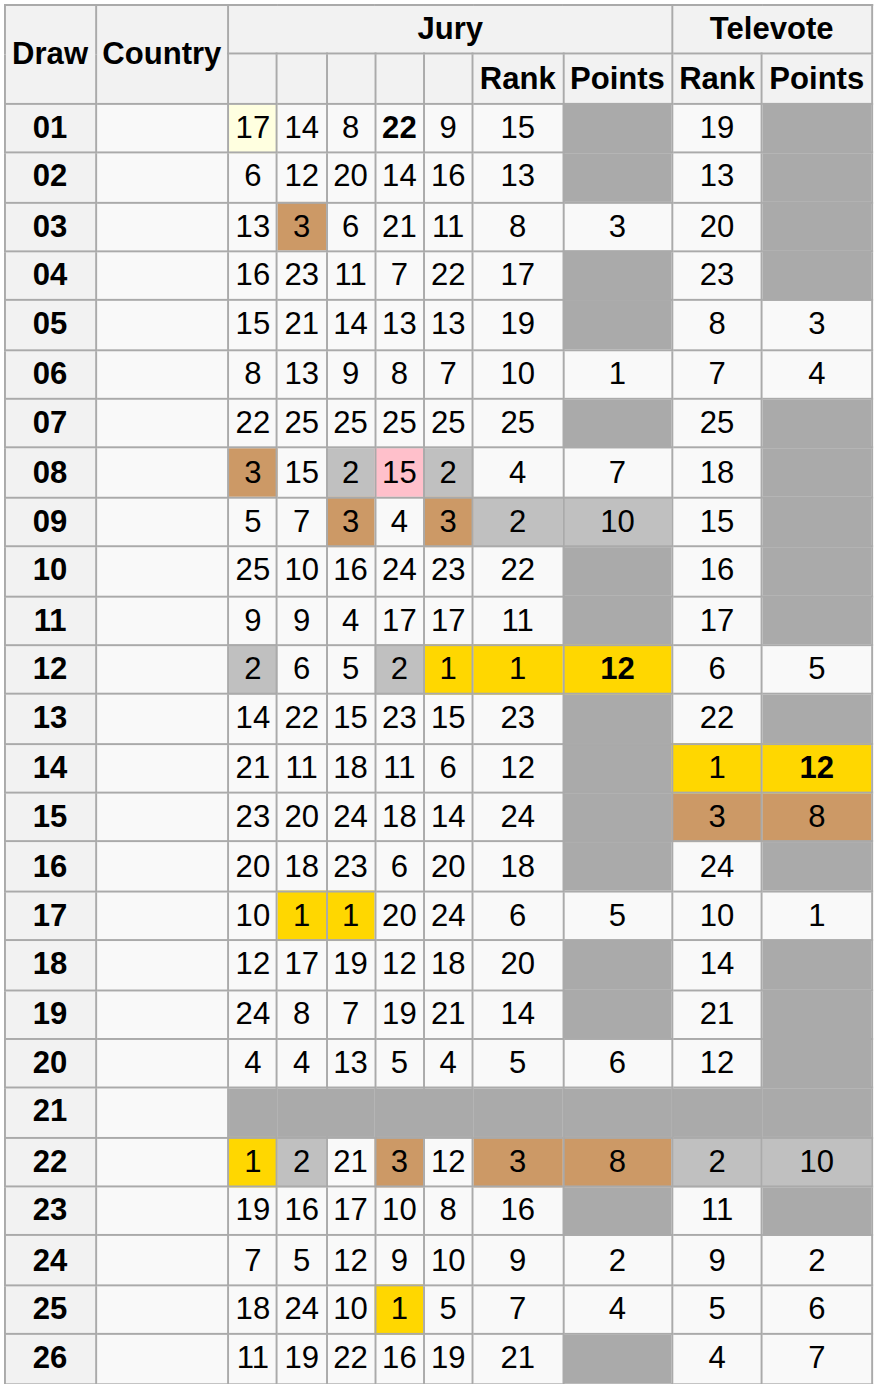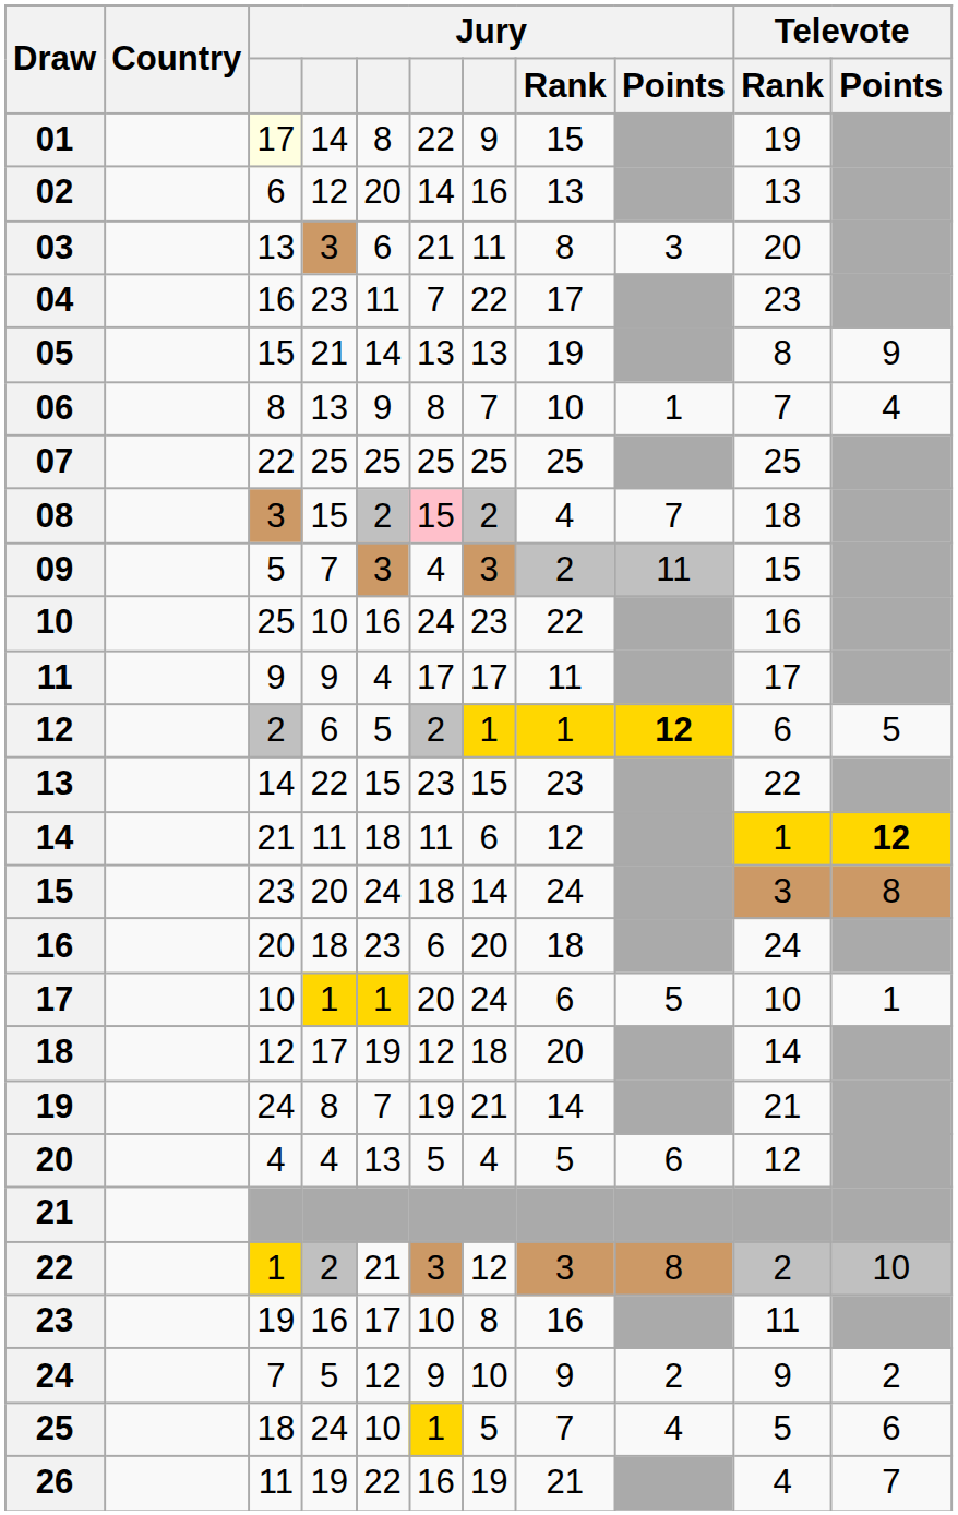 <table class="sortable wikitable collapsible plainrowheaders" style="text-align:center;">
 <tr>
 </tr>
 <tr>
 <th scope="col" rowspan="2">Draw</th>
 <th scope="col" rowspan="2">Country</th>
 <th scope="col" colspan="7">Jury</th>
 <th scope="col" colspan="2">Televote</th>
 </tr>
 <tr>
 <th scope="col"><small></small></th>
 <th scope="col"><small></small></th>
 <th scope="col"><small></small></th>
 <th scope="col"><small></small></th>
 <th scope="col"><small></small></th>
 <th scope="col">Rank</th>
 <th scope="col">Points</th>
 <th scope="col">Rank</th>
 <th scope="col">Points</th>
 </tr>
 <tr>
 <th scope="row" style="text-align:center;">01</th>
 <td style="text-align:left;"></td>
 <td style="background: lightyellow;">17</td>
 <td>14</td>
 <td>8</td>
-<td><strong>22</strong></td>
+<td>22</td>
 <td>9</td>
 <td>15</td>
 <td style="background:#AAAAAA;"></td>
 <td>19</td>
 <td style="background:#AAAAAA;"></td>
 </tr>
 <tr>
 <th scope="row" style="text-align:center;">02</th>
 <td style="text-align:left;"></td>
 <td>6</td>
 <td>12</td>
 <td>20</td>
 <td>14</td>
 <td>16</td>
 <td>13</td>
 <td style="background:#AAAAAA;"></td>
 <td>13</td>
 <td style="background:#AAAAAA;"></td>
 </tr>
 <tr>
 <th scope="row" style="text-align:center;">03</th>
 <td style="text-align:left;"></td>
 <td>13</td>
 <td style="background:#CC9966;">3</td>
 <td>6</td>
 <td>21</td>
 <td>11</td>
 <td>8</td>
 <td>3</td>
 <td>20</td>
 <td style="background:#AAAAAA;"></td>
 </tr>
 <tr>
 <th scope="row" style="text-align:center;">04</th>
 <td style="text-align:left;"></td>
 <td>16</td>
 <td>23</td>
 <td>11</td>
 <td>7</td>
 <td>22</td>
 <td>17</td>
 <td style="background:#AAAAAA;"></td>
 <td>23</td>
 <td style="background:#AAAAAA;"></td>
 </tr>
 <tr>
 <th scope="row" style="text-align:center;">05</th>
 <td style="text-align:left;"></td>
 <td>15</td>
 <td>21</td>
 <td>14</td>
 <td>13</td>
 <td>13</td>
 <td>19</td>
 <td style="background:#AAAAAA;"></td>
 <td>8</td>
-<td>3</td>
+<td>9</td>
 </tr>
 <tr>
 <th scope="row" style="text-align:center;">06</th>
 <td style="text-align:left;"></td>
 <td>8</td>
 <td>13</td>
 <td>9</td>
 <td>8</td>
 <td>7</td>
 <td>10</td>
 <td>1</td>
 <td>7</td>
 <td>4</td>
 </tr>
 <tr>
 <th scope="row" style="text-align:center;">07</th>
 <td style="text-align:left;"></td>
 <td>22</td>
 <td>25</td>
 <td>25</td>
 <td>25</td>
 <td>25</td>
 <td>25</td>
 <td style="background:#AAAAAA;"></td>
 <td>25</td>
 <td style="background:#AAAAAA;"></td>
 </tr>
 <tr>
 <th scope="row" style="text-align:center;">08</th>
 <td style="text-align:left;"></td>
 <td style="background:#CC9966;">3</td>
 <td>15</td>
 <td style="background:silver;">2</td>
 <td style="background: pink;">15</td>
 <td style="background:silver;">2</td>
 <td>4</td>
 <td>7</td>
 <td>18</td>
 <td style="background:#AAAAAA;"></td>
 </tr>
 <tr>
 <th scope="row" style="text-align:center;">09</th>
 <td style="text-align:left;"></td>
 <td>5</td>
 <td>7</td>
 <td style="background:#CC9966;">3</td>
 <td>4</td>
 <td style="background:#CC9966;">3</td>
 <td style="background:silver;">2</td>
-<td style="background:silver;">10</td>
+<td style="background:silver;">11</td>
 <td>15</td>
 <td style="background:#AAAAAA;"></td>
 </tr>
 <tr>
 <th scope="row" style="text-align:center;">10</th>
 <td style="text-align:left;"></td>
 <td>25</td>
 <td>10</td>
 <td>16</td>
 <td>24</td>
 <td>23</td>
 <td>22</td>
 <td style="background:#AAAAAA;"></td>
 <td>16</td>
 <td style="background:#AAAAAA;"></td>
 </tr>
 <tr>
 <th scope="row" style="text-align:center;">11</th>
 <td style="text-align:left;"></td>
 <td>9</td>
 <td>9</td>
 <td>4</td>
 <td>17</td>
 <td>17</td>
 <td>11</td>
 <td style="background:#AAAAAA;"></td>
 <td>17</td>
 <td style="background:#AAAAAA;"></td>
 </tr>
 <tr>
 <th scope="row" style="text-align:center;">12</th>
 <td style="text-align:left;"></td>
 <td style="background:silver;">2</td>
 <td>6</td>
 <td>5</td>
 <td style="background:silver;">2</td>
 <td style="background:gold;">1</td>
 <td style="background:gold;">1</td>
 <td style="background:gold;"><strong>12</strong></td>
 <td>6</td>
 <td>5</td>
 </tr>
 <tr>
 <th scope="row" style="text-align:center;">13</th>
 <td style="text-align:left;"></td>
 <td>14</td>
 <td>22</td>
 <td>15</td>
 <td>23</td>
 <td>15</td>
 <td>23</td>
 <td style="background:#AAAAAA;"></td>
 <td>22</td>
 <td style="background:#AAAAAA;"></td>
 </tr>
 <tr>
 <th scope="row" style="text-align:center;">14</th>
 <td style="text-align:left;"></td>
 <td>21</td>
 <td>11</td>
 <td>18</td>
 <td>11</td>
 <td>6</td>
 <td>12</td>
 <td style="background:#AAAAAA;"></td>
 <td style="background:gold;">1</td>
 <td style="background:gold;"><strong>12</strong></td>
 </tr>
 <tr>
 <th scope="row" style="text-align:center;">15</th>
 <td style="text-align:left;"></td>
 <td>23</td>
 <td>20</td>
 <td>24</td>
 <td>18</td>
 <td>14</td>
 <td>24</td>
 <td style="background:#AAAAAA;"></td>
 <td style="background:#CC9966;">3</td>
 <td style="background:#CC9966;">8</td>
 </tr>
 <tr>
 <th scope="row" style="text-align:center;">16</th>
 <td style="text-align:left;"></td>
 <td>20</td>
 <td>18</td>
 <td>23</td>
 <td>6</td>
 <td>20</td>
 <td>18</td>
 <td style="background:#AAAAAA;"></td>
 <td>24</td>
 <td style="background:#AAAAAA;"></td>
 </tr>
 <tr>
 <th scope="row" style="text-align:center;">17</th>
 <td style="text-align:left;"></td>
 <td>10</td>
 <td style="background:gold;">1</td>
 <td style="background:gold;">1</td>
 <td>20</td>
 <td>24</td>
 <td>6</td>
 <td>5</td>
 <td>10</td>
 <td>1</td>
 </tr>
 <tr>
 <th scope="row" style="text-align:center;">18</th>
 <td style="text-align:left;"></td>
 <td>12</td>
 <td>17</td>
 <td>19</td>
 <td>12</td>
 <td>18</td>
 <td>20</td>
 <td style="background:#AAAAAA;"></td>
 <td>14</td>
 <td style="background:#AAAAAA;"></td>
 </tr>
 <tr>
 <th scope="row" style="text-align:center;">19</th>
 <td style="text-align:left;"></td>
 <td>24</td>
 <td>8</td>
 <td>7</td>
 <td>19</td>
 <td>21</td>
 <td>14</td>
 <td style="background:#AAAAAA;"></td>
 <td>21</td>
 <td style="background:#AAAAAA;"></td>
 </tr>
 <tr>
 <th scope="row" style="text-align:center;">20</th>
 <td style="text-align:left;"></td>
 <td>4</td>
 <td>4</td>
 <td>13</td>
 <td>5</td>
 <td>4</td>
 <td>5</td>
 <td>6</td>
 <td>12</td>
 <td style="background:#AAAAAA;"></td>
 </tr>
 <tr class="sortbottom">
 <th scope="row" style="text-align:center;">21</th>
 <td style="text-align:left;"></td>
 <td style="background:#AAAAAA;"></td>
 <td style="background:#AAAAAA;"></td>
 <td style="background:#AAAAAA;"></td>
 <td style="background:#AAAAAA;"></td>
 <td style="background:#AAAAAA;"></td>
 <td style="background:#AAAAAA;"></td>
 <td style="background:#AAAAAA;"></td>
 <td style="background:#AAAAAA;"></td>
 <td style="background:#AAAAAA;"></td>
 </tr>
 <tr>
 <th scope="row" style="text-align:center;">22</th>
 <td style="text-align:left;"></td>
 <td style="background:gold;">1</td>
 <td style="background:silver;">2</td>
 <td>21</td>
 <td style="background:#CC9966;">3</td>
 <td>12</td>
 <td style="background:#CC9966;">3</td>
 <td style="background:#CC9966;">8</td>
 <td style="background:silver;">2</td>
 <td style="background:silver;">10</td>
 </tr>
 <tr>
 <th scope="row" style="text-align:center;">23</th>
 <td style="text-align:left;"></td>
 <td>19</td>
 <td>16</td>
 <td>17</td>
 <td>10</td>
 <td>8</td>
 <td>16</td>
 <td style="background:#AAAAAA;"></td>
 <td>11</td>
 <td style="background:#AAAAAA;"></td>
 </tr>
 <tr>
 <th scope="row" style="text-align:center;">24</th>
 <td style="text-align:left;"></td>
 <td>7</td>
 <td>5</td>
 <td>12</td>
 <td>9</td>
 <td>10</td>
 <td>9</td>
 <td>2</td>
 <td>9</td>
 <td>2</td>
 </tr>
 <tr>
 <th scope="row" style="text-align:center;">25</th>
 <td style="text-align:left;"></td>
 <td>18</td>
 <td>24</td>
 <td>10</td>
 <td style="background:gold;">1</td>
 <td>5</td>
 <td>7</td>
 <td>4</td>
 <td>5</td>
 <td>6</td>
 </tr>
 <tr>
 <th scope="row" style="text-align:center;">26</th>
 <td style="text-align:left;"></td>
 <td>11</td>
 <td>19</td>
 <td>22</td>
 <td>16</td>
 <td>19</td>
 <td>21</td>
 <td style="background:#AAAAAA;"></td>
 <td>4</td>
 <td>7</td>
 </tr>
 </table>
